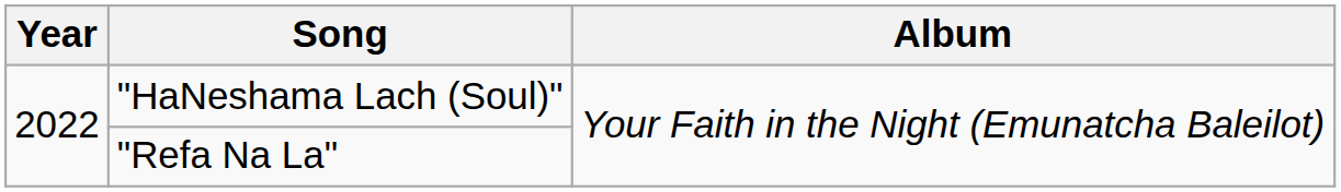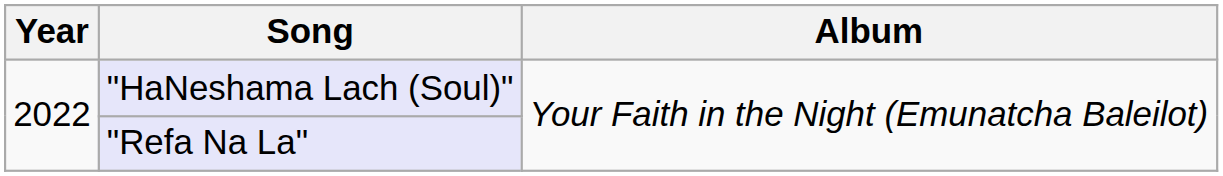 <table class="wikitable">
 <tr>
 <th>Year</th>
 <th>Song</th>
 <th>Album</th>
 </tr>
 <tr>
 <td rowspan="2">2022</td>
-<td>"HaNeshama Lach (Soul)"</td>
+<td style="background: lavender;">"HaNeshama Lach (Soul)"</td>
 <td rowspan="2"><em>Your Faith in the Night (Emunatcha Baleilot)</em></td>
 </tr>
 <tr>
-<td>"Refa Na La"</td>
+<td style="background: lavender;">"Refa Na La"</td>
 </tr>
 </table>
